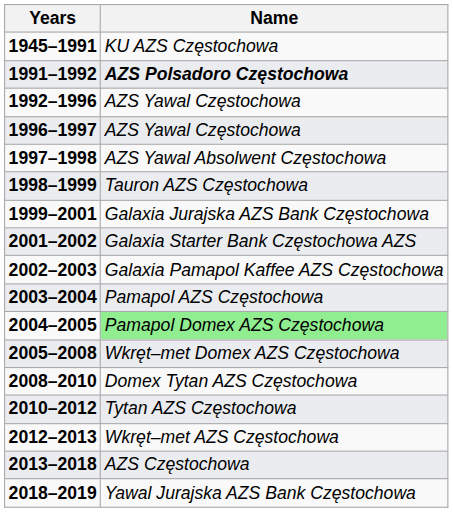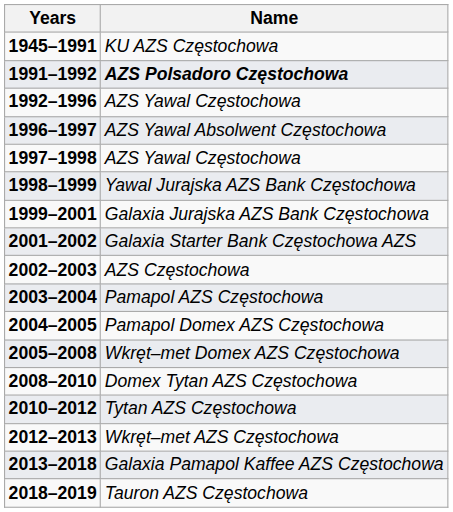 <table class="wikitable" style="font-size:100%">
 <tr>
 <th>Years</th>
 <th>Name</th>
 </tr>
 <tr>
 <td><strong>1945–1991</strong></td>
 <td><em>KU AZS Częstochowa</em></td>
 </tr>
 <tr style="background:#EAECF0">
 <td><strong>1991–1992</strong></td>
 <td><strong><em>AZS Polsadoro Częstochowa</em></strong></td>
 </tr>
 <tr>
 <td><strong>1992–1996</strong></td>
 <td><em>AZS Yawal Częstochowa</em></td>
 </tr>
 <tr style="background:#EAECF0">
 <td><strong>1996–1997</strong></td>
-<td><em>AZS Yawal Częstochowa</em></td>
+<td><em>AZS Yawal Absolwent Częstochowa</em></td>
 </tr>
 <tr>
 <td><strong>1997–1998</strong></td>
-<td><em>AZS Yawal Absolwent Częstochowa</em></td>
+<td><em>AZS Yawal Częstochowa</em></td>
 </tr>
 <tr style="background:#EAECF0">
 <td><strong>1998–1999</strong></td>
-<td><em>Tauron AZS Częstochowa</em></td>
+<td><em>Yawal Jurajska AZS Bank Częstochowa</em></td>
 </tr>
 <tr>
 <td><strong>1999–2001</strong></td>
 <td><em>Galaxia Jurajska AZS Bank Częstochowa</em></td>
 </tr>
 <tr style="background:#EAECF0">
 <td><strong>2001–2002</strong></td>
 <td><em>Galaxia Starter Bank Częstochowa AZS</em></td>
 </tr>
 <tr>
 <td><strong>2002–2003</strong></td>
-<td><em>Galaxia Pamapol Kaffee AZS Częstochowa</em></td>
+<td><em>AZS Częstochowa</em></td>
 </tr>
 <tr style="background:#EAECF0">
 <td><strong>2003–2004</strong></td>
 <td><em>Pamapol AZS Częstochowa</em></td>
 </tr>
 <tr>
 <td><strong>2004–2005</strong></td>
-<td style="background: lightgreen;"><em>Pamapol Domex AZS Częstochowa</em></td>
+<td><em>Pamapol Domex AZS Częstochowa</em></td>
 </tr>
 <tr style="background:#EAECF0">
 <td><strong>2005–2008</strong></td>
 <td><em>Wkręt–met Domex AZS Częstochowa</em></td>
 </tr>
 <tr>
 <td><strong>2008–2010</strong></td>
 <td><em>Domex Tytan AZS Częstochowa</em></td>
 </tr>
 <tr style="background:#EAECF0">
 <td><strong>2010–2012</strong></td>
 <td><em>Tytan AZS Częstochowa</em></td>
 </tr>
 <tr>
 <td><strong>2012–2013</strong></td>
 <td><em>Wkręt–met AZS Częstochowa</em></td>
 </tr>
 <tr style="background:#EAECF0">
 <td><strong>2013–2018</strong></td>
-<td><em>AZS Częstochowa</em></td>
+<td><em>Galaxia Pamapol Kaffee AZS Częstochowa</em></td>
 </tr>
 <tr>
 <td><strong>2018–2019</strong></td>
-<td><em>Yawal Jurajska AZS Bank Częstochowa</em></td>
+<td><em>Tauron AZS Częstochowa</em></td>
 </tr>
 </table>
